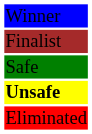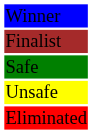 <table>
 <tr style="background: #0000FF" class="wikitable">
 <td>Winner</td>
 </tr>
 <tr style="background: #A52A2A" class="wikitable">
 <td>Finalist</td>
 </tr>
 <tr style="background: green" class="wikitable">
 <td>Safe</td>
 </tr>
 <tr style="background: yellow" class="wikitable">
-<td><strong>Unsafe</strong></td>
+<td>Unsafe</td>
 </tr>
 <tr style="background: red" class="wikitable">
 <td>Eliminated</td>
 </tr>
 </table>
